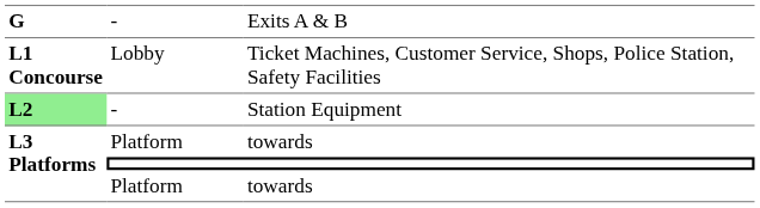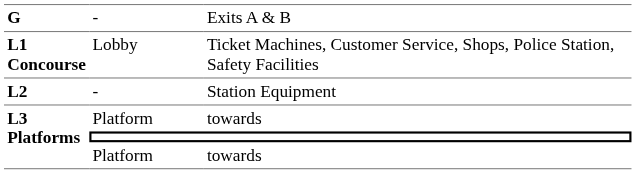 <table border=0 cellspacing=0 cellpadding=3>
 <tr>
 <td style="border-top:solid 1px gray;" width=50 valign=top><strong>G</strong></td>
 <td style="border-top:solid 1px gray;" width=100 valign=top>-</td>
 <td style="border-top:solid 1px gray;" width=390 valign=top>Exits A & B</td>
 </tr>
 <tr>
 <td style="border-bottom:solid 1px gray; border-top:solid 1px gray;" valign=top><strong>L1<br>Concourse</strong></td>
 <td style="border-bottom:solid 1px gray; border-top:solid 1px gray;" valign=top>Lobby</td>
 <td style="border-bottom:solid 1px gray; border-top:solid 1px gray;" valign=top>Ticket Machines, Customer Service, Shops, Police Station, Safety Facilities</td>
 </tr>
 <tr>
-<td style="background: lightgreen; border-bottom:solid 1px gray;" valign=top><strong>L2</strong></td>
+<td style="border-bottom:solid 1px gray;" valign=top><strong>L2</strong></td>
 <td style="border-bottom:solid 1px gray;" valign=top>-</td>
 <td style="border-bottom:solid 1px gray;" valign=top>Station Equipment</td>
 </tr>
 <tr>
 <td style="border-bottom:solid 1px gray;" rowspan=3 valign=top><strong>L3<br>Platforms</strong></td>
 <td>Platform </td>
 <td>  towards  </td>
 </tr>
 <tr>
 <td style="border-right:solid 2px black;border-left:solid 2px black;border-top:solid 2px black;border-bottom:solid 2px black;text-align:center;" colspan=2></td>
 </tr>
 <tr>
 <td style="border-bottom:solid 1px gray;">Platform </td>
 <td style="border-bottom:solid 1px gray;"> towards    </td>
 </tr>
 </table>
